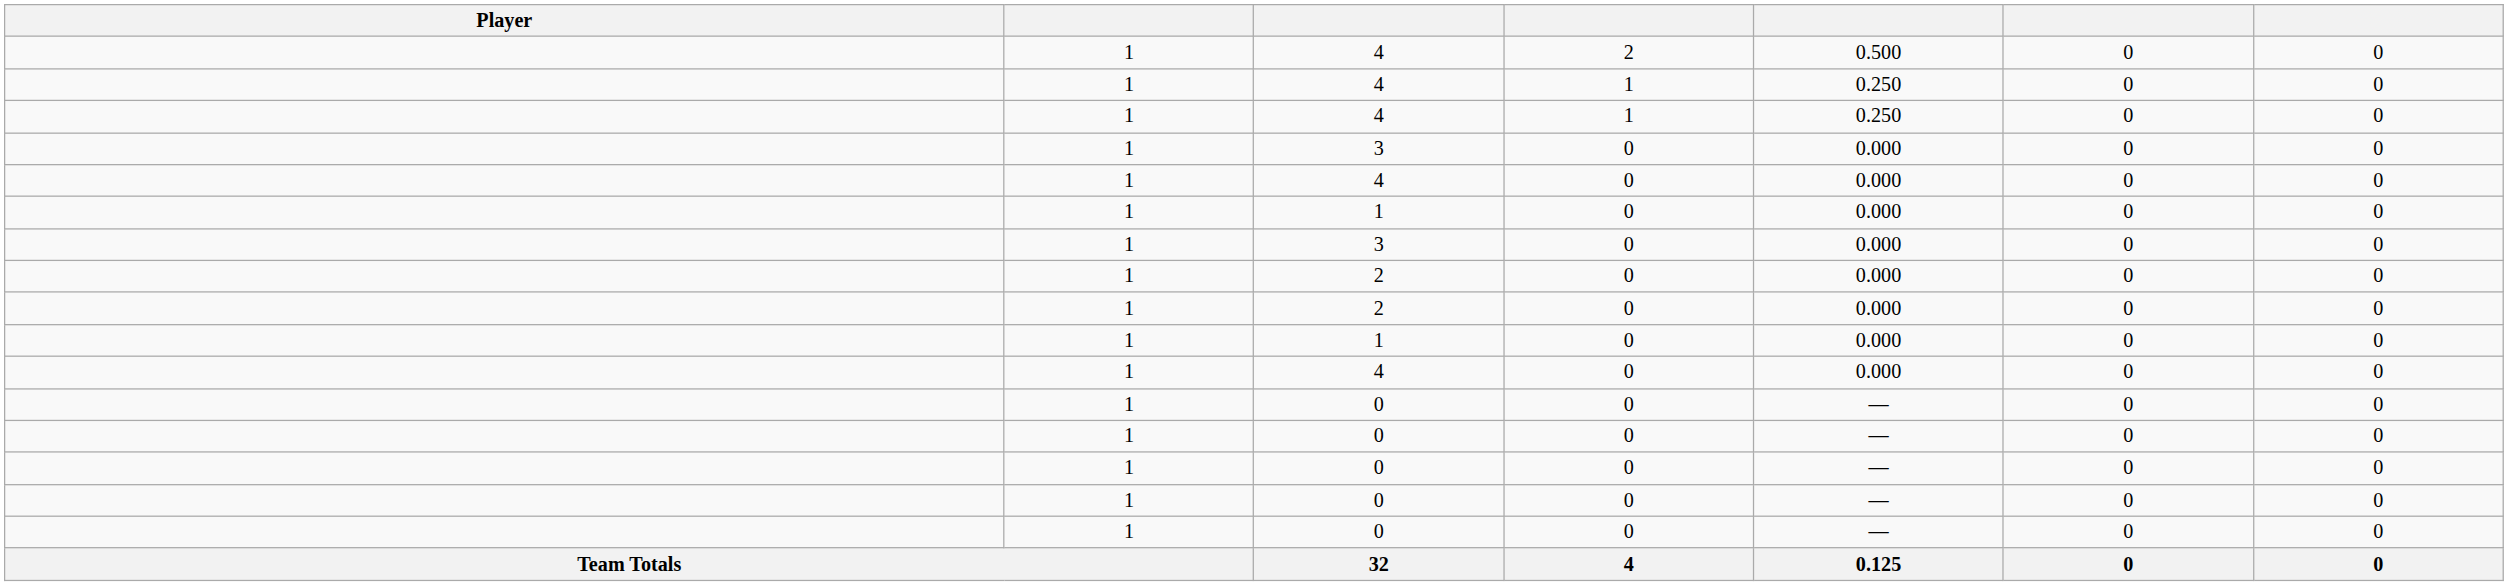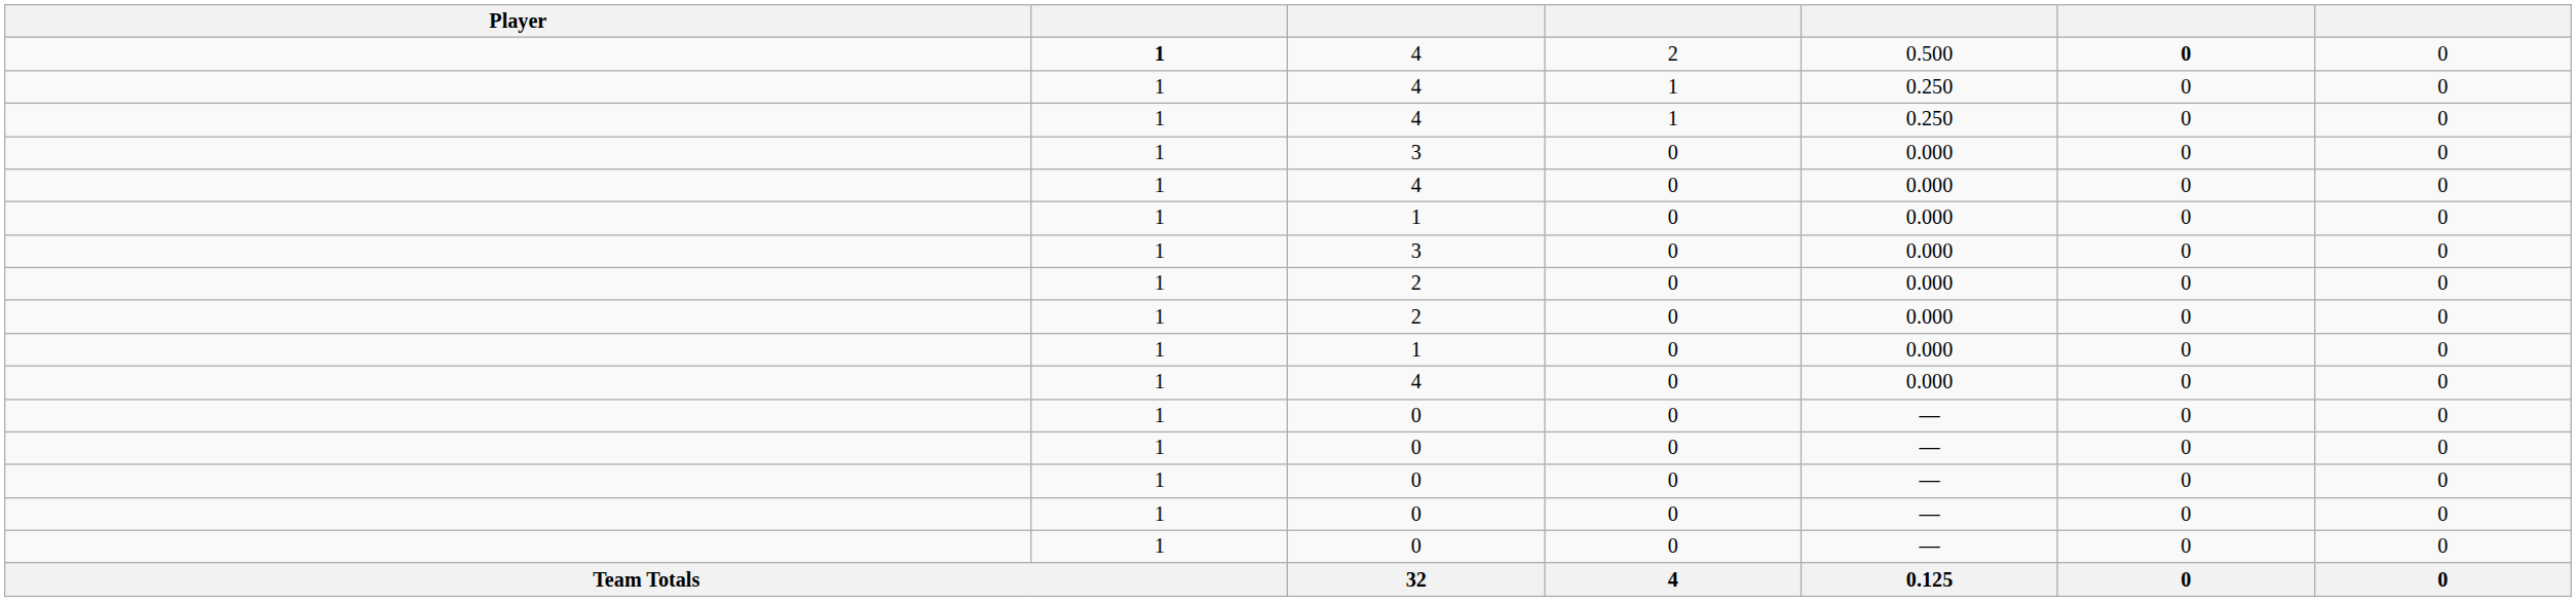 <table class="wikitable sortable" style="text-align:center;" width="100%">
 <tr>
 <th width="40%">Player</th>
 <th width="10%"></th>
 <th width="10%"></th>
 <th width="10%"></th>
 <th width="10%"></th>
 <th width="10%"></th>
 <th width="10%"></th>
 </tr>
 <tr>
 <td></td>
-<td>1</td>
+<td><strong>1</strong></td>
 <td>4</td>
 <td>2</td>
 <td>0.500</td>
-<td>0</td>
+<td><strong>0</strong></td>
 <td>0</td>
 </tr>
 <tr>
 <td></td>
 <td>1</td>
 <td>4</td>
 <td>1</td>
 <td>0.250</td>
 <td>0</td>
 <td>0</td>
 </tr>
 <tr>
 <td></td>
 <td>1</td>
 <td>4</td>
 <td>1</td>
 <td>0.250</td>
 <td>0</td>
 <td>0</td>
 </tr>
 <tr>
 <td></td>
 <td>1</td>
 <td>3</td>
 <td>0</td>
 <td>0.000</td>
 <td>0</td>
 <td>0</td>
 </tr>
 <tr>
 <td></td>
 <td>1</td>
 <td>4</td>
 <td>0</td>
 <td>0.000</td>
 <td>0</td>
 <td>0</td>
 </tr>
 <tr>
 <td></td>
 <td>1</td>
 <td>1</td>
 <td>0</td>
 <td>0.000</td>
 <td>0</td>
 <td>0</td>
 </tr>
 <tr>
 <td></td>
 <td>1</td>
 <td>3</td>
 <td>0</td>
 <td>0.000</td>
 <td>0</td>
 <td>0</td>
 </tr>
 <tr>
 <td></td>
 <td>1</td>
 <td>2</td>
 <td>0</td>
 <td>0.000</td>
 <td>0</td>
 <td>0</td>
 </tr>
 <tr>
 <td></td>
 <td>1</td>
 <td>2</td>
 <td>0</td>
 <td>0.000</td>
 <td>0</td>
 <td>0</td>
 </tr>
 <tr>
 <td></td>
 <td>1</td>
 <td>1</td>
 <td>0</td>
 <td>0.000</td>
 <td>0</td>
 <td>0</td>
 </tr>
 <tr>
 <td></td>
 <td>1</td>
 <td>4</td>
 <td>0</td>
 <td>0.000</td>
 <td>0</td>
 <td>0</td>
 </tr>
 <tr>
 <td></td>
 <td>1</td>
 <td>0</td>
 <td>0</td>
 <td>—</td>
 <td>0</td>
 <td>0</td>
 </tr>
 <tr>
 <td></td>
 <td>1</td>
 <td>0</td>
 <td>0</td>
 <td>—</td>
 <td>0</td>
 <td>0</td>
 </tr>
 <tr>
 <td></td>
 <td>1</td>
 <td>0</td>
 <td>0</td>
 <td>—</td>
 <td>0</td>
 <td>0</td>
 </tr>
 <tr>
 <td></td>
 <td>1</td>
 <td>0</td>
 <td>0</td>
 <td>—</td>
 <td>0</td>
 <td>0</td>
 </tr>
 <tr>
 <td></td>
 <td>1</td>
 <td>0</td>
 <td>0</td>
 <td>—</td>
 <td>0</td>
 <td>0</td>
 </tr>
 <tr>
 <th colspan="2">Team Totals</th>
 <th>32</th>
 <th>4</th>
 <th>0.125</th>
 <th>0</th>
 <th>0</th>
 </tr>
 </table>
